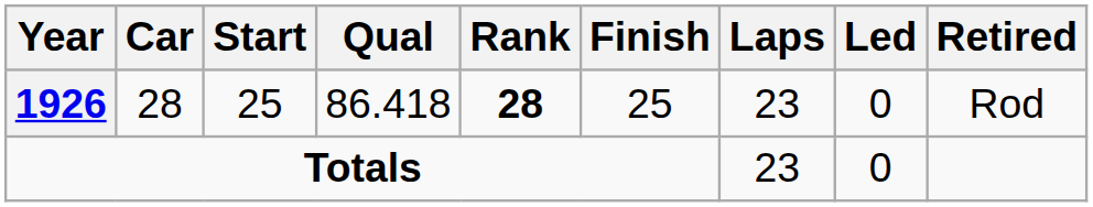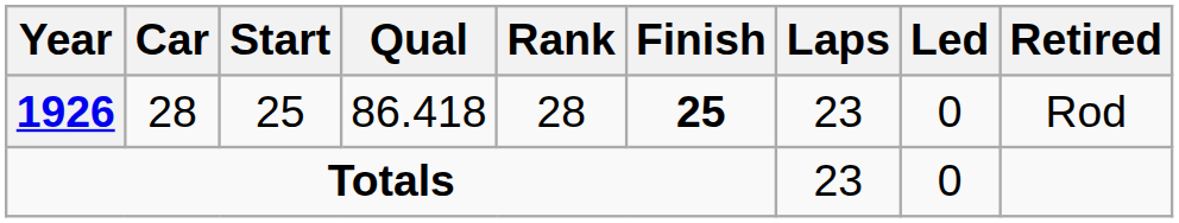 <table class="wikitable" style="text-align:center">
 <tr>
 <th>Year</th>
 <th>Car</th>
 <th>Start</th>
 <th>Qual</th>
 <th>Rank</th>
 <th>Finish</th>
 <th>Laps</th>
 <th>Led</th>
 <th>Retired</th>
 </tr>
 <tr>
 <th><a href='#'>1926</a></th>
 <td>28</td>
 <td>25</td>
 <td>86.418</td>
-<td><strong>28</strong></td>
-<td>25</td>
+<td>28</td>
+<td><strong>25</strong></td>
 <td>23</td>
 <td>0</td>
 <td>Rod</td>
 </tr>
 <tr>
 <td colspan=6><strong>Totals</strong></td>
 <td>23</td>
 <td>0</td>
 <td></td>
 </tr>
 </table>
